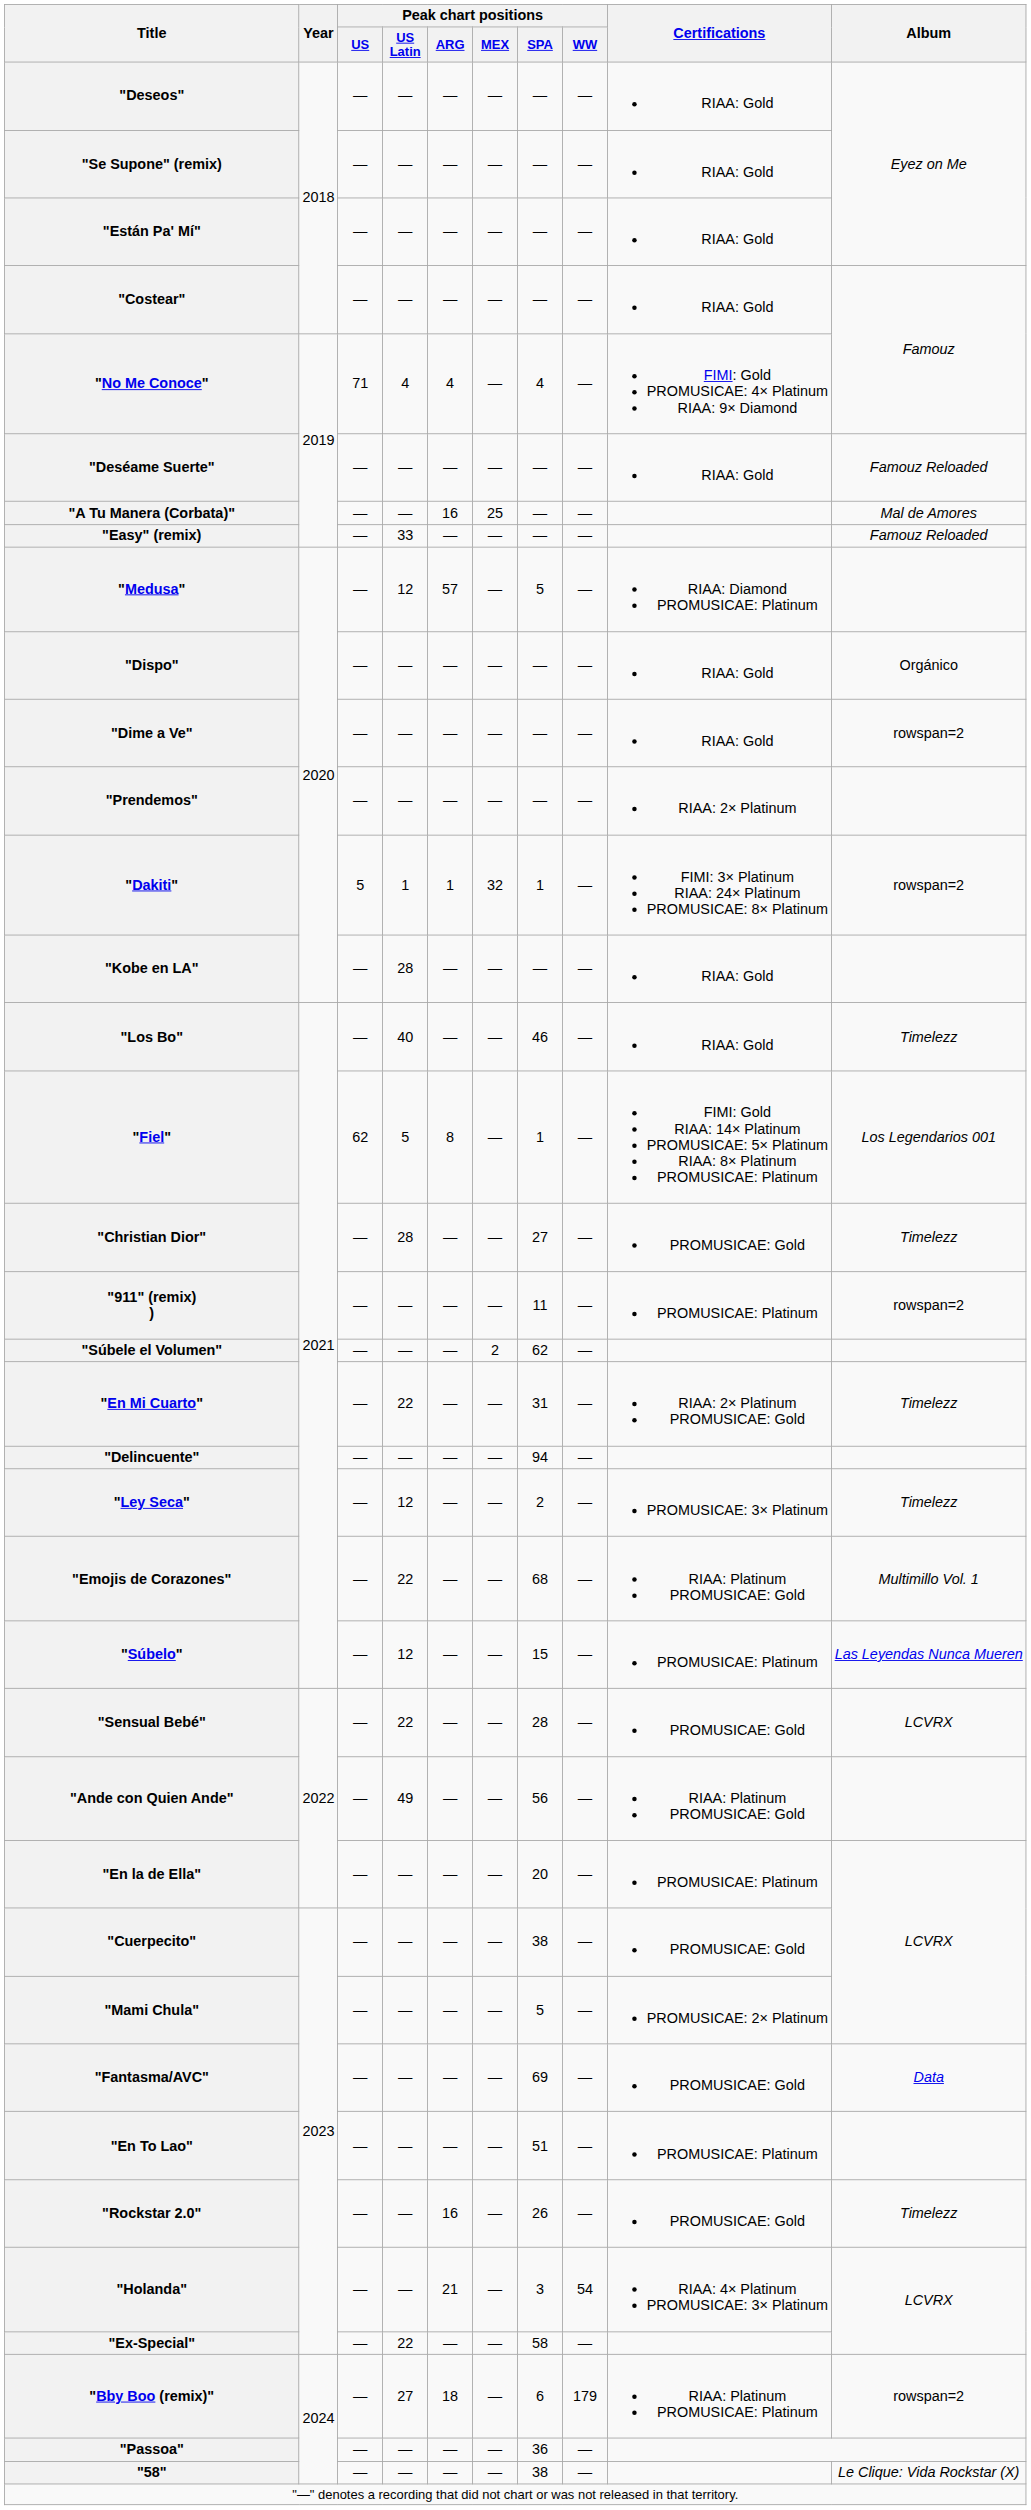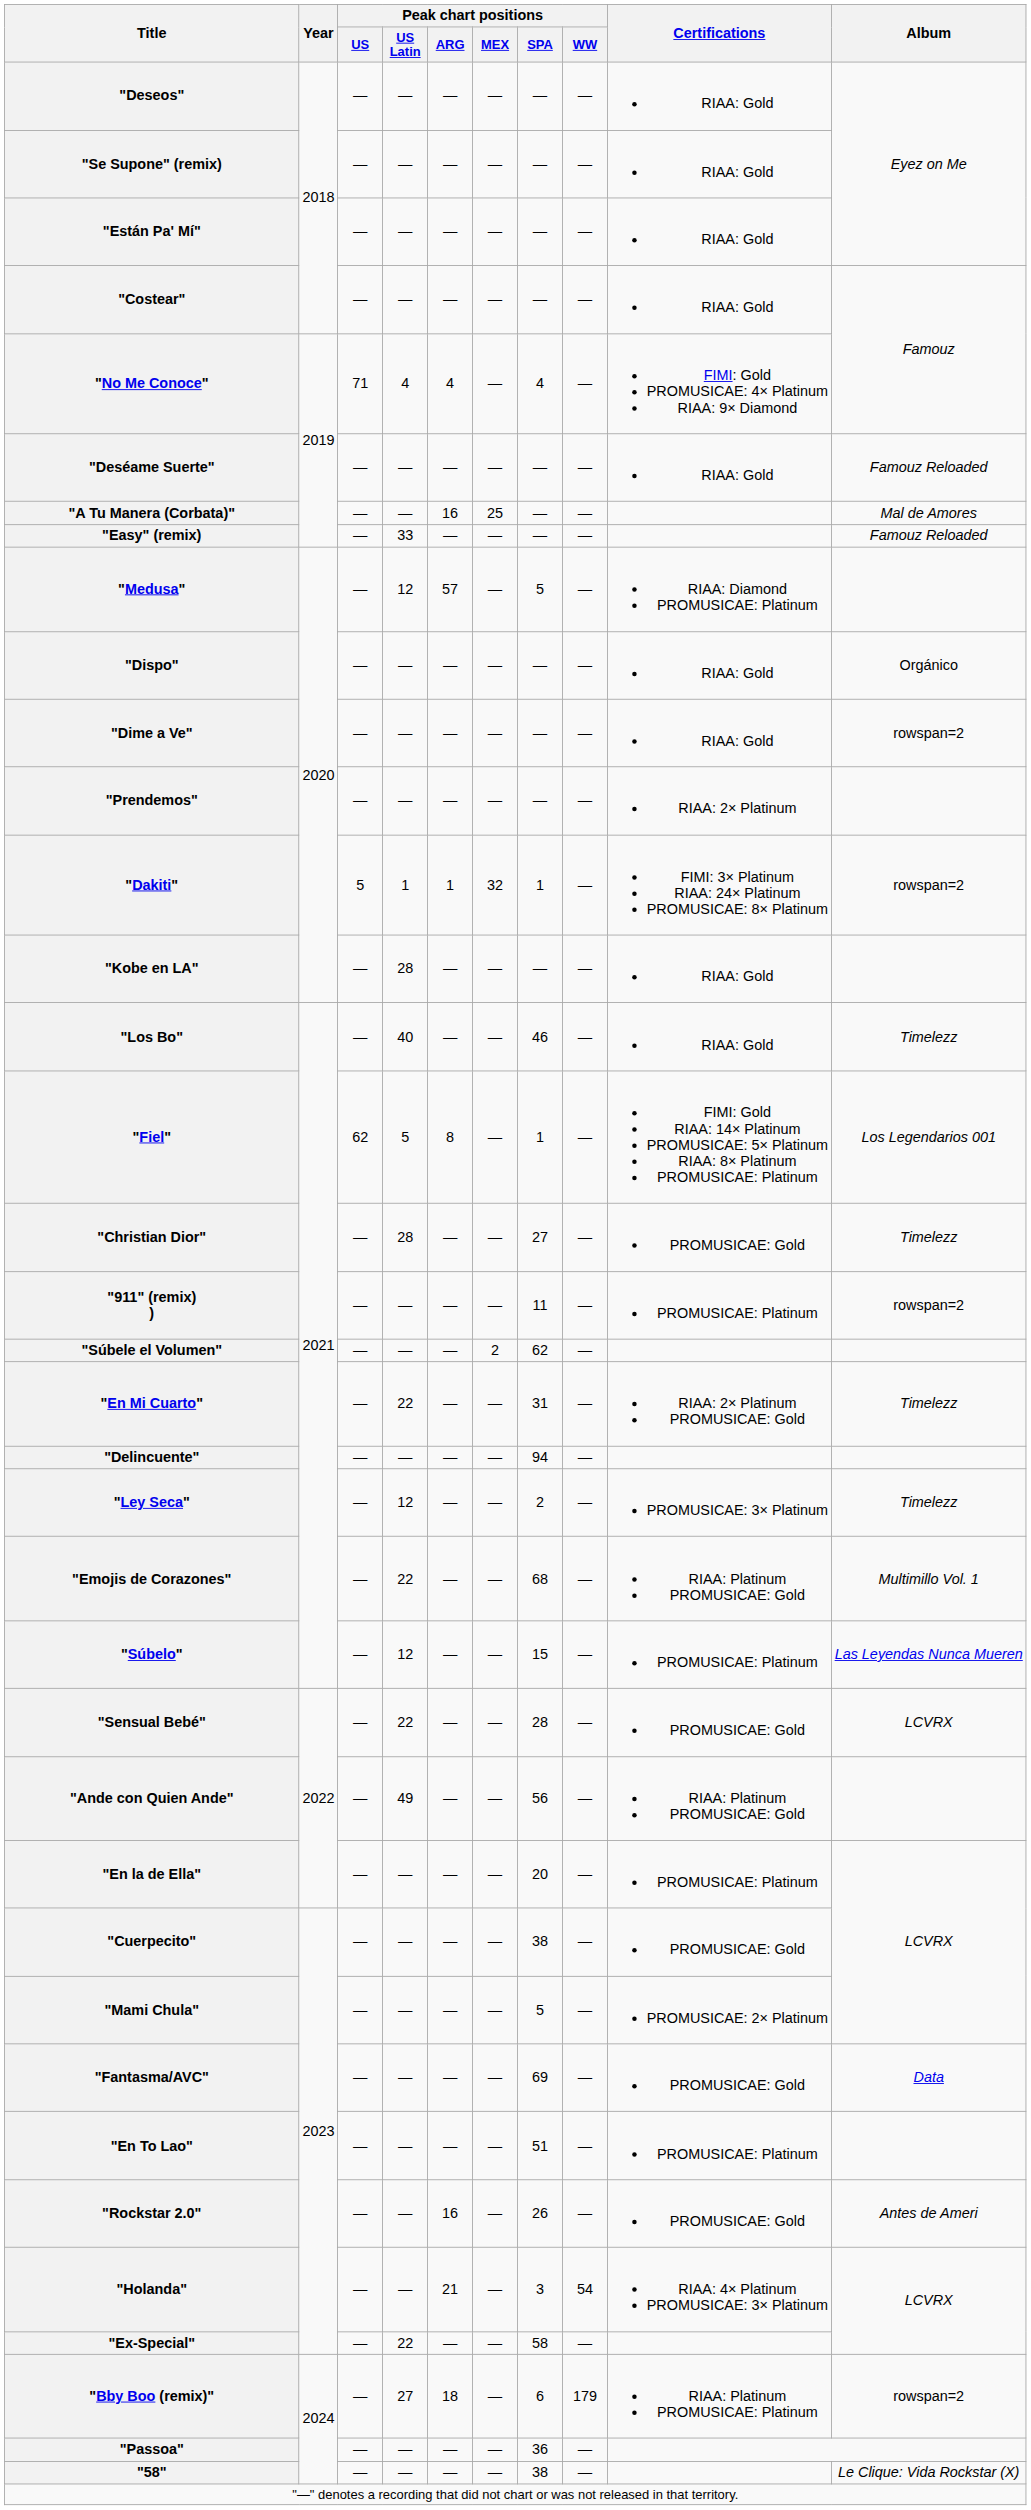 <table class="wikitable plainrowheaders" style="text-align:center;">
 <tr>
 <th scope="col" rowspan="2" style="width:20em;">Title</th>
 <th scope="col" rowspan="2">Year</th>
 <th scope="col" colspan="6">Peak chart positions</th>
 <th scope="col" rowspan="2"><a href='#'>Certifications</a></th>
 <th scope="col" rowspan="2">Album</th>
 </tr>
 <tr>
 <th scope="col" style="width:3em;font-size:90%;"><a href='#'>US</a><br></th>
 <th scope="col" style="width:3em;font-size:90%;"><a href='#'>US<br>Latin</a><br></th>
 <th scope="col" style="width:3em;font-size:90%;"><a href='#'>ARG</a><br></th>
 <th scope="col" style="width:3em;font-size:90%;"><a href='#'>MEX</a><br></th>
 <th scope="col" style="width:3em;font-size:90%;"><a href='#'>SPA</a><br></th>
 <th scope="col" style="width:3em;font-size:90%;"><a href='#'>WW</a><br></th>
 </tr>
 <tr>
 <th scope="row">"Deseos"<br></th>
 <td rowspan=4>2018</td>
 <td>—</td>
 <td>—</td>
 <td>—</td>
 <td>—</td>
 <td>—</td>
 <td>—</td>
 <td><br><ul><li>RIAA: Gold </li></ul></td>
 <td rowspan=3><em>Eyez on Me</em></td>
 </tr>
 <tr>
 <th scope="row">"Se Supone" (remix)<br></th>
 <td>—</td>
 <td>—</td>
 <td>—</td>
 <td>—</td>
 <td>—</td>
 <td>—</td>
 <td><br><ul><li>RIAA: Gold </li></ul></td>
 </tr>
 <tr>
 <th scope="row">"Están Pa' Mí"<br></th>
 <td>—</td>
 <td>—</td>
 <td>—</td>
 <td>—</td>
 <td>—</td>
 <td>—</td>
 <td><br><ul><li>RIAA: Gold </li></ul></td>
 </tr>
 <tr>
 <th scope="row">"Costear"<br></th>
 <td>—</td>
 <td>—</td>
 <td>—</td>
 <td>—</td>
 <td>—</td>
 <td>—</td>
 <td><br><ul><li>RIAA: Gold </li></ul></td>
 <td rowspan=2><em>Famouz</em></td>
 </tr>
 <tr>
 <th scope="row">"<a href='#'>No Me Conoce</a>"<br></th>
 <td rowspan=4>2019</td>
 <td>71</td>
 <td>4</td>
 <td>4</td>
 <td>—</td>
 <td>4</td>
 <td>—</td>
 <td><br><ul><li><a href='#'>FIMI</a>: Gold</li><li>PROMUSICAE: 4× Platinum</li><li>RIAA: 9× Diamond  </li></ul></td>
 </tr>
 <tr>
 <th scope="row">"Deséame Suerte"<br></th>
 <td>—</td>
 <td>—</td>
 <td>—</td>
 <td>—</td>
 <td>—</td>
 <td>—</td>
 <td><br><ul><li>RIAA: Gold </li></ul></td>
 <td><em>Famouz Reloaded</em></td>
 </tr>
 <tr>
 <th scope="row">"A Tu Manera (Corbata)"<br></th>
 <td>—</td>
 <td>—</td>
 <td>16</td>
 <td>25</td>
 <td>—</td>
 <td>—</td>
 <td></td>
 <td><em>Mal de Amores</em></td>
 </tr>
 <tr>
 <th scope="row">"Easy" (remix)<br></th>
 <td>—</td>
 <td>33</td>
 <td>—</td>
 <td>—</td>
 <td>—</td>
 <td>—</td>
 <td></td>
 <td><em>Famouz Reloaded</em></td>
 </tr>
 <tr>
 <th scope="row">"<a href='#'>Medusa</a>"<br></th>
 <td rowspan=6>2020</td>
 <td>—</td>
 <td>12</td>
 <td>57</td>
 <td>—</td>
 <td>5</td>
 <td>—</td>
 <td><br><ul><li>RIAA: Diamond </li><li>PROMUSICAE: Platinum</li></ul></td>
 <td></td>
 </tr>
 <tr>
 <th scope="row">"Dispo"<br></th>
 <td>—</td>
 <td>—</td>
 <td>—</td>
 <td>—</td>
 <td>—</td>
 <td>—</td>
 <td><br><ul><li>RIAA: Gold </li></ul></td>
 <td>Orgánico</td>
 </tr>
 <tr>
 <th scope="row">"Dime a Ve"</th>
 <td>—</td>
 <td>—</td>
 <td>—</td>
 <td>—</td>
 <td>—</td>
 <td>—</td>
 <td><br><ul><li>RIAA: Gold </li></ul></td>
 <td>rowspan=2 </td>
 </tr>
 <tr>
 <th scope="row">"Prendemos"<br></th>
 <td>—</td>
 <td>—</td>
 <td>—</td>
 <td>—</td>
 <td>—</td>
 <td>—</td>
 <td><br><ul><li>RIAA: 2× Platinum </li></ul></td>
 </tr>
 <tr>
 <th scope="row">"<a href='#'>Dakiti</a>"<br></th>
 <td>5</td>
 <td>1</td>
 <td>1</td>
 <td>32</td>
 <td>1</td>
 <td>—</td>
 <td><br><ul><li>FIMI: 3× Platinum</li><li>RIAA: 24× Platinum </li><li>PROMUSICAE: 8× Platinum</li></ul></td>
 <td>rowspan=2 </td>
 </tr>
 <tr>
 <th scope="row">"Kobe en LA"</th>
 <td>—</td>
 <td>28</td>
 <td>—</td>
 <td>—</td>
 <td>—</td>
 <td>—</td>
 <td><br><ul><li>RIAA: Gold </li></ul></td>
 <td></td>
 </tr>
 <tr>
 <th scope="row">"Los Bo"<br></th>
 <td rowspan=10>2021</td>
 <td>—</td>
 <td>40</td>
 <td>—</td>
 <td>—</td>
 <td>46</td>
 <td>—</td>
 <td><br><ul><li>RIAA: Gold </li></ul></td>
 <td><em>Timelezz</em></td>
 </tr>
 <tr>
 <th scope="row">"<a href='#'>Fiel</a>"<br></th>
 <td>62</td>
 <td>5</td>
 <td>8</td>
 <td>—</td>
 <td>1</td>
 <td>—</td>
 <td><br><ul><li>FIMI: Gold</li><li>RIAA: 14× Platinum </li><li>PROMUSICAE: 5× Platinum</li><li>RIAA: 8× Platinum  </li><li>PROMUSICAE: Platinum </li></ul></td>
 <td><em>Los Legendarios 001</em></td>
 </tr>
 <tr>
 <th scope="row">"Christian Dior"</th>
 <td>—</td>
 <td>28</td>
 <td>—</td>
 <td>—</td>
 <td>27</td>
 <td>—</td>
 <td><br><ul><li>PROMUSICAE: Gold</li></ul></td>
 <td><em>Timelezz</em></td>
 </tr>
 <tr>
 <th scope="row">"911" (remix)<br>)</th>
 <td>—</td>
 <td>—</td>
 <td>—</td>
 <td>—</td>
 <td>11</td>
 <td>—</td>
 <td><br><ul><li>PROMUSICAE: Platinum</li></ul></td>
 <td>rowspan=2 </td>
 </tr>
 <tr>
 <th scope="row">"Súbele el Volumen"<br></th>
 <td>—</td>
 <td>—</td>
 <td>—</td>
 <td>2</td>
 <td>62</td>
 <td>—</td>
 <td></td>
 </tr>
 <tr>
 <th scope="row">"<a href='#'>En Mi Cuarto</a>"<br></th>
 <td>—</td>
 <td>22</td>
 <td>—</td>
 <td>—</td>
 <td>31</td>
 <td>—</td>
 <td><br><ul><li>RIAA: 2× Platinum </li><li>PROMUSICAE: Gold</li></ul></td>
 <td><em>Timelezz</em></td>
 </tr>
 <tr>
 <th scope="row">"Delincuente"<br></th>
 <td>—</td>
 <td>—</td>
 <td>—</td>
 <td>—</td>
 <td>94</td>
 <td>—</td>
 <td></td>
 <td></td>
 </tr>
 <tr>
 <th scope="row">"<a href='#'>Ley Seca</a>"<br></th>
 <td>—</td>
 <td>12</td>
 <td>—</td>
 <td>—</td>
 <td>2</td>
 <td>—</td>
 <td><br><ul><li>PROMUSICAE: 3× Platinum</li></ul></td>
 <td><em>Timelezz</em></td>
 </tr>
 <tr>
 <th scope="row">"Emojis de Corazones"<br></th>
 <td>—</td>
 <td>22</td>
 <td>—</td>
 <td>—</td>
 <td>68</td>
 <td>—</td>
 <td><br><ul><li>RIAA: Platinum </li><li>PROMUSICAE: Gold</li></ul></td>
 <td><em>Multimillo Vol. 1</em></td>
 </tr>
 <tr>
 <th scope="row">"<a href='#'>Súbelo</a>"<br></th>
 <td>—</td>
 <td>12</td>
 <td>—</td>
 <td>—</td>
 <td>15</td>
 <td>—</td>
 <td><br><ul><li>PROMUSICAE: Platinum</li></ul></td>
 <td><em><a href='#'>Las Leyendas Nunca Mueren</a></em></td>
 </tr>
 <tr>
 <th scope="row">"Sensual Bebé"</th>
 <td rowspan=3>2022</td>
 <td>—</td>
 <td>22</td>
 <td>—</td>
 <td>—</td>
 <td>28</td>
 <td>—</td>
 <td><br><ul><li>PROMUSICAE: Gold</li></ul></td>
 <td><em>LCVRX</em></td>
 </tr>
 <tr>
 <th scope="row">"Ande con Quien Ande"<br></th>
 <td>—</td>
 <td>49</td>
 <td>—</td>
 <td>—</td>
 <td>56</td>
 <td>—</td>
 <td><br><ul><li>RIAA: Platinum </li><li>PROMUSICAE: Gold</li></ul></td>
 <td></td>
 </tr>
 <tr>
 <th scope="row">"En la de Ella"<br></th>
 <td>—</td>
 <td>—</td>
 <td>—</td>
 <td>—</td>
 <td>20</td>
 <td>—</td>
 <td><br><ul><li>PROMUSICAE: Platinum</li></ul></td>
 <td rowspan=3><em>LCVRX</em></td>
 </tr>
 <tr>
 <th scope="row">"Cuerpecito"</th>
 <td rowspan=7>2023</td>
 <td>—</td>
 <td>—</td>
 <td>—</td>
 <td>—</td>
 <td>38</td>
 <td>—</td>
 <td><br><ul><li>PROMUSICAE: Gold</li></ul></td>
 </tr>
 <tr>
 <th scope="row">"Mami Chula" <br></th>
 <td>—</td>
 <td>—</td>
 <td>—</td>
 <td>—</td>
 <td>5</td>
 <td>—</td>
 <td><br><ul><li>PROMUSICAE: 2× Platinum</li></ul></td>
 </tr>
 <tr>
 <th scope="row">"Fantasma/AVC" <br></th>
 <td>—</td>
 <td>—</td>
 <td>—</td>
 <td>—</td>
 <td>69</td>
 <td>—</td>
 <td><br><ul><li>PROMUSICAE: Gold</li></ul></td>
 <td><em><a href='#'>Data</a></em></td>
 </tr>
 <tr>
 <th scope="row">"En To Lao" <br></th>
 <td>—</td>
 <td>—</td>
 <td>—</td>
 <td>—</td>
 <td>51</td>
 <td>—</td>
 <td><br><ul><li>PROMUSICAE: Platinum</li></ul></td>
 <td></td>
 </tr>
 <tr>
 <th scope="row">"Rockstar 2.0" <br></th>
 <td>—</td>
 <td>—</td>
 <td>16</td>
 <td>—</td>
 <td>26</td>
 <td>—</td>
 <td><br><ul><li>PROMUSICAE: Gold</li></ul></td>
-<td><em>Timelezz</em></td>
+<td><em>Antes de Ameri</em></td>
 </tr>
 <tr>
 <th scope="row">"Holanda"</th>
 <td>—</td>
 <td>—</td>
 <td>21</td>
 <td>—</td>
 <td>3</td>
 <td>54</td>
 <td><br><ul><li>RIAA: 4× Platinum </li><li>PROMUSICAE: 3× Platinum</li></ul></td>
 <td rowspan=2><em>LCVRX</em></td>
 </tr>
 <tr>
 <th scope="row">"Ex-Special" <br></th>
 <td>—</td>
 <td>22</td>
 <td>—</td>
 <td>—</td>
 <td>58</td>
 <td>—</td>
 <td></td>
 </tr>
 <tr>
 <th scope="row">"<a href='#'>Bby Boo</a> (remix)" <br></th>
 <td rowspan=3>2024</td>
 <td>—</td>
 <td>27</td>
 <td>18</td>
 <td>—</td>
 <td>6</td>
 <td>179</td>
 <td><br><ul><li>RIAA: Platinum </li><li>PROMUSICAE: Platinum</li></ul></td>
 <td>rowspan=2</td>
 </tr>
 <tr>
 <th scope="row">"Passoa" <br></th>
 <td>—</td>
 <td>—</td>
 <td>—</td>
 <td>—</td>
 <td>36</td>
 <td>—</td>
 </tr>
 <tr>
 <th scope="row">"58" <br></th>
 <td>—</td>
 <td>—</td>
 <td>—</td>
 <td>—</td>
 <td>38</td>
 <td>—</td>
 <td></td>
 <td><em>Le Clique: Vida Rockstar (X)</em></td>
 </tr>
 <tr>
 <td colspan="16" style="font-size:90%">"—" denotes a recording that did not chart or was not released in that territory.</td>
 </tr>
 </table>
